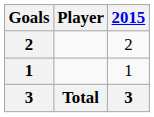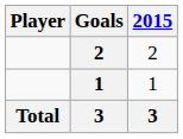 <table class="wikitable sortable" style="text-align:center;">
 <tr>
+<th>Player</th>
 <th>Goals</th>
-<th>Player</th>
 <th><a href='#'>2015</a></th>
 </tr>
 <tr>
+<td align="left"></td>
 <th>2</th>
-<td align="left"></td>
 <td>2</td>
 </tr>
 <tr>
+<td align="left"></td>
 <th>1</th>
-<td align="left"></td>
 <td>1</td>
 </tr>
 <tr class="sortbottom">
+<th>Total</th>
 <th>3</th>
-<th>Total</th>
 <th>3</th>
 </tr>
 </table>
